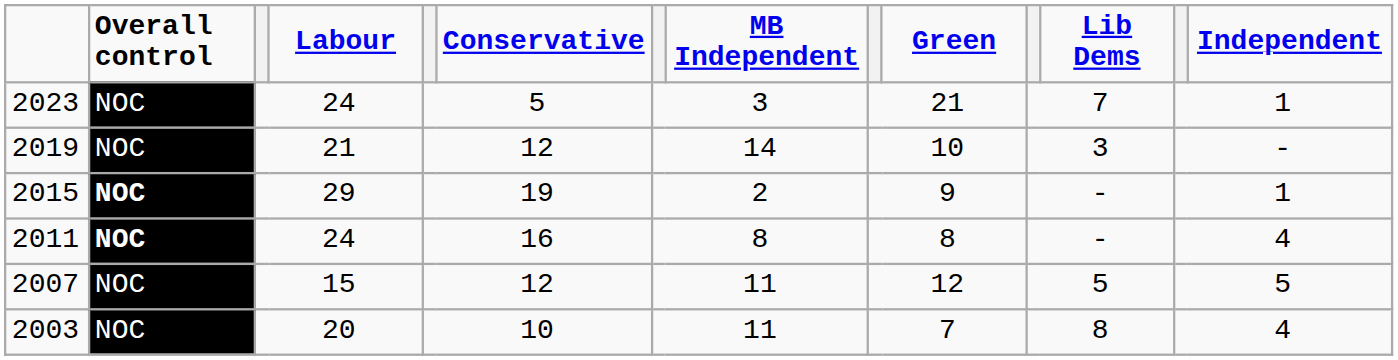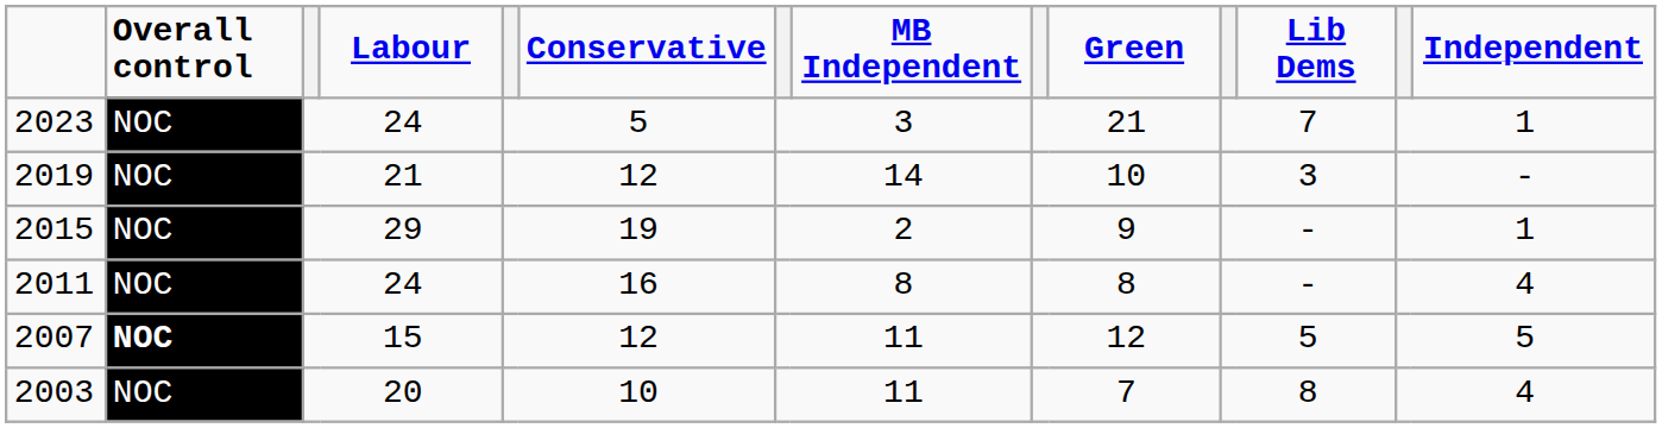 <table class="wikitable" style="text-align:left; padding-left:1em; font-size: 95%">
 <tr>
 <td width=32></td>
 <td width=90><strong>Overall control</strong></td>
 <th style="background-color: "></th>
 <td width=87 align="center"><strong><a href='#'>Labour</a></strong></td>
 <th style="background-color: "></th>
 <td width=87 align="center"><strong><a href='#'>Conservative</a></strong></td>
 <th style="background-color: "></th>
 <td width=87 align="center"><strong><a href='#'>MB Independent</a></strong></td>
 <th style="background-color: "></th>
 <td width=87 align="center"><strong><a href='#'>Green</a></strong></td>
 <th style="background-color: "></th>
 <td width=87 align="center"><strong><a href='#'>Lib Dems</a></strong></td>
 <th style="background-color: "></th>
 <td width=87 align="center"><strong><a href='#'>Independent</a></strong></td>
 </tr>
 <tr>
 <td>2023</td>
 <td style="background:black; color:white">NOC</td>
 <td colspan=2 align="center">24</td>
 <td colspan=2 align="center">5</td>
 <td colspan=2 align="center">3</td>
 <td colspan=2 align="center">21</td>
 <td colspan=2 align="center">7</td>
 <td colspan=2 align="center">1</td>
 </tr>
 <tr>
 <td>2019</td>
 <td style="background:black; color:white">NOC</td>
 <td colspan=2 align="center">21</td>
 <td colspan=2 align="center">12</td>
 <td colspan=2 align="center">14</td>
 <td colspan=2 align="center">10</td>
 <td colspan=2 align="center">3</td>
 <td colspan=2 align="center">-</td>
 </tr>
 <tr>
 <td>2015</td>
-<td style="background:black; color:white"><strong>NOC</strong></td>
+<td style="background:black; color:white">NOC</td>
 <td colspan=2 align="center">29</td>
 <td colspan=2 align="center">19</td>
 <td colspan=2 align="center">2</td>
 <td colspan=2 align="center">9</td>
 <td colspan=2 align="center">-</td>
 <td colspan=2 align="center">1</td>
 </tr>
 <tr>
 <td>2011</td>
-<td style="background:black; color:white"><strong>NOC</strong></td>
+<td style="background:black; color:white">NOC</td>
 <td colspan=2 align="center">24</td>
 <td colspan=2 align="center">16</td>
 <td colspan=2 align="center">8</td>
 <td colspan=2 align="center">8</td>
 <td colspan=2 align="center">-</td>
 <td colspan=2 align="center">4</td>
 </tr>
 <tr>
 <td>2007</td>
-<td style="background:black; color:white">NOC</td>
+<td style="background:black; color:white"><strong>NOC</strong></td>
 <td colspan=2 align="center">15</td>
 <td colspan=2 align="center">12</td>
 <td colspan=2 align="center">11</td>
 <td colspan=2 align="center">12</td>
 <td colspan=2 align="center">5</td>
 <td colspan=2 align="center">5</td>
 </tr>
 <tr>
 <td>2003</td>
 <td style="background:black; color:white">NOC</td>
 <td colspan=2 align="center">20</td>
 <td colspan=2 align="center">10</td>
 <td colspan=2 align="center">11</td>
 <td colspan=2 align="center">7</td>
 <td colspan=2 align="center">8</td>
 <td colspan=2 align="center">4</td>
 </tr>
 </table>
